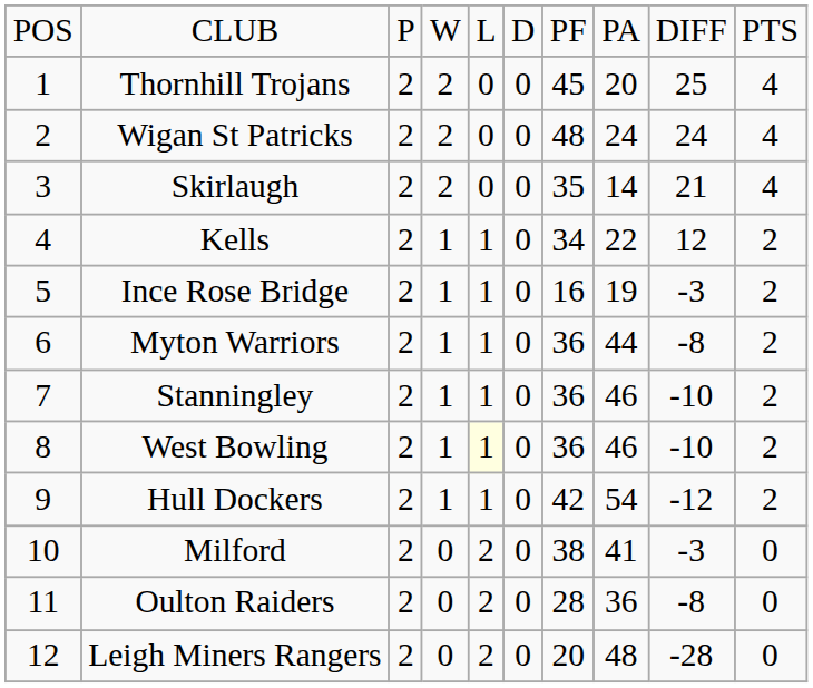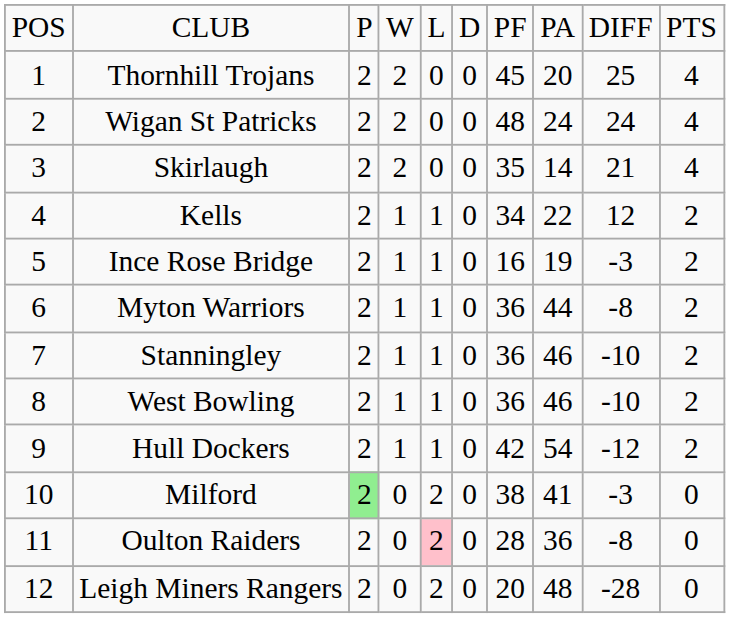 <table class="wikitable" style="text-align: center;">
 <tr>
 <td>POS</td>
 <td>CLUB</td>
 <td>P</td>
 <td>W</td>
 <td>L</td>
 <td>D</td>
 <td>PF</td>
 <td>PA</td>
 <td>DIFF</td>
 <td>PTS</td>
 </tr>
 <tr>
 <td>1</td>
 <td>Thornhill Trojans</td>
 <td>2</td>
 <td>2</td>
 <td>0</td>
 <td>0</td>
 <td>45</td>
 <td>20</td>
 <td>25</td>
 <td>4</td>
 </tr>
 <tr>
 <td>2</td>
 <td>Wigan St Patricks</td>
 <td>2</td>
 <td>2</td>
 <td>0</td>
 <td>0</td>
 <td>48</td>
 <td>24</td>
 <td>24</td>
 <td>4</td>
 </tr>
 <tr>
 <td>3</td>
 <td>Skirlaugh</td>
 <td>2</td>
 <td>2</td>
 <td>0</td>
 <td>0</td>
 <td>35</td>
 <td>14</td>
 <td>21</td>
 <td>4</td>
 </tr>
 <tr>
 <td>4</td>
 <td>Kells</td>
 <td>2</td>
 <td>1</td>
 <td>1</td>
 <td>0</td>
 <td>34</td>
 <td>22</td>
 <td>12</td>
 <td>2</td>
 </tr>
 <tr>
 <td>5</td>
 <td>Ince Rose Bridge</td>
 <td>2</td>
 <td>1</td>
 <td>1</td>
 <td>0</td>
 <td>16</td>
 <td>19</td>
 <td>-3</td>
 <td>2</td>
 </tr>
 <tr>
 <td>6</td>
 <td>Myton Warriors</td>
 <td>2</td>
 <td>1</td>
 <td>1</td>
 <td>0</td>
 <td>36</td>
 <td>44</td>
 <td>-8</td>
 <td>2</td>
 </tr>
 <tr>
 <td>7</td>
 <td>Stanningley</td>
 <td>2</td>
 <td>1</td>
 <td>1</td>
 <td>0</td>
 <td>36</td>
 <td>46</td>
 <td>-10</td>
 <td>2</td>
 </tr>
 <tr>
 <td>8</td>
 <td>West Bowling</td>
 <td>2</td>
 <td>1</td>
-<td style="background: lightyellow;">1</td>
+<td>1</td>
 <td>0</td>
 <td>36</td>
 <td>46</td>
 <td>-10</td>
 <td>2</td>
 </tr>
 <tr>
 <td>9</td>
 <td>Hull Dockers</td>
 <td>2</td>
 <td>1</td>
 <td>1</td>
 <td>0</td>
 <td>42</td>
 <td>54</td>
 <td>-12</td>
 <td>2</td>
 </tr>
 <tr>
 <td>10</td>
 <td>Milford</td>
-<td>2</td>
+<td style="background: lightgreen;">2</td>
 <td>0</td>
 <td>2</td>
 <td>0</td>
 <td>38</td>
 <td>41</td>
 <td>-3</td>
 <td>0</td>
 </tr>
 <tr>
 <td>11</td>
 <td>Oulton Raiders</td>
 <td>2</td>
 <td>0</td>
-<td>2</td>
+<td style="background: pink;">2</td>
 <td>0</td>
 <td>28</td>
 <td>36</td>
 <td>-8</td>
 <td>0</td>
 </tr>
 <tr>
 <td>12</td>
 <td>Leigh Miners Rangers</td>
 <td>2</td>
 <td>0</td>
 <td>2</td>
 <td>0</td>
 <td>20</td>
 <td>48</td>
 <td>-28</td>
 <td>0</td>
 </tr>
 </table>
